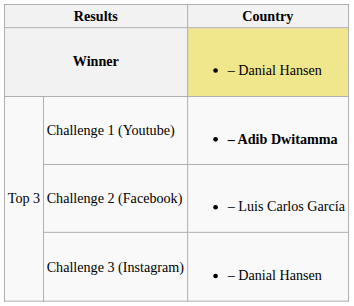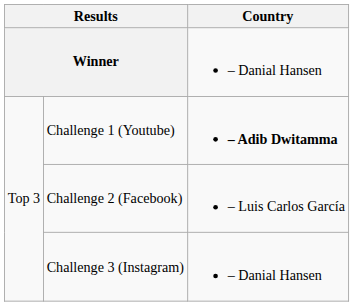 <table class="wikitable" style="font-size: 95%;">
 <tr>
 <th colspan="2">Results</th>
 <th>Country</th>
 </tr>
 <tr>
 <th rowspan="1"colspan="2">Winner</th>
-<td style="background: khaki;"><br><ul><li> – Danial Hansen</li></ul></td>
+<td><br><ul><li> – Danial Hansen</li></ul></td>
 </tr>
 <tr>
 <td rowspan="6">Top 3</td>
 <td>Challenge 1 (Youtube)</td>
 <td><strong><br><ul><li> – Adib Dwitamma</li></ul></strong></td>
 </tr>
 <tr>
 <td>Challenge 2 (Facebook)</td>
 <td><br><ul><li> – Luis Carlos García</li></ul></td>
 </tr>
 <tr>
 <td>Challenge 3 (Instagram)</td>
 <td><br><ul><li> – Danial Hansen</li></ul></td>
 </tr>
 </table>
